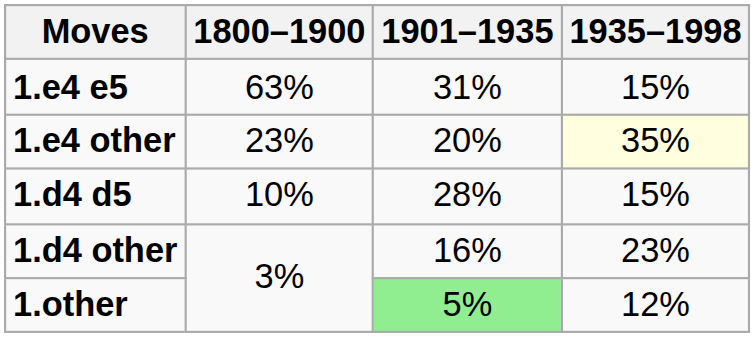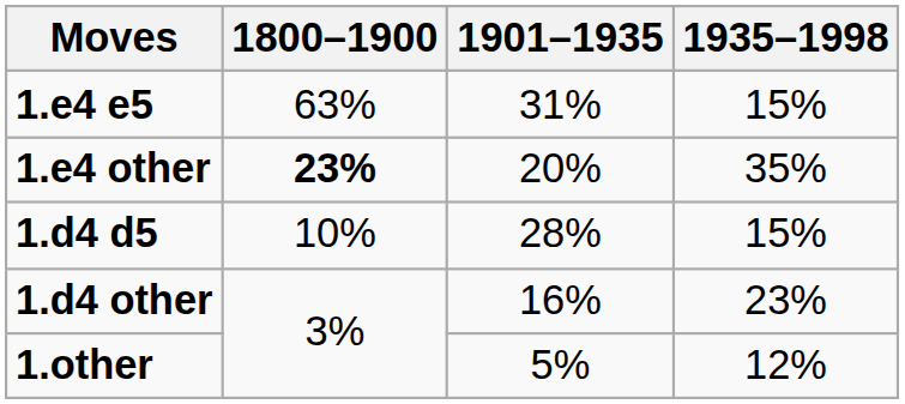 <table class="wikitable" style="text-align: center">
 <tr>
 <th>Moves</th>
 <th>1800–1900</th>
 <th>1901–1935</th>
 <th>1935–1998</th>
 </tr>
 <tr>
 <td align="left"><strong>1.e4 e5</strong></td>
 <td>63%</td>
 <td>31%</td>
 <td>15%</td>
 </tr>
 <tr>
 <td align="left"><strong>1.e4 other</strong></td>
-<td>23%</td>
+<td><strong>23%</strong></td>
 <td>20%</td>
-<td style="background: lightyellow;">35%</td>
+<td>35%</td>
 </tr>
 <tr>
 <td align="left"><strong>1.d4 d5</strong></td>
 <td>10%</td>
 <td>28%</td>
 <td>15%</td>
 </tr>
 <tr>
 <td><strong>1.d4 other</strong></td>
 <td rowspan="2">3%</td>
 <td>16%</td>
 <td>23%</td>
 </tr>
 <tr>
 <td align="left"><strong>1.other</strong></td>
-<td style="background: lightgreen;">5%</td>
+<td>5%</td>
 <td>12%</td>
 </tr>
 </table>
